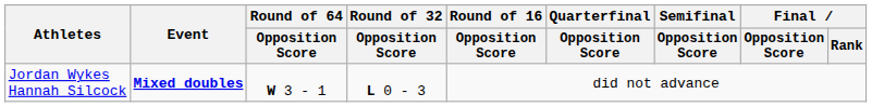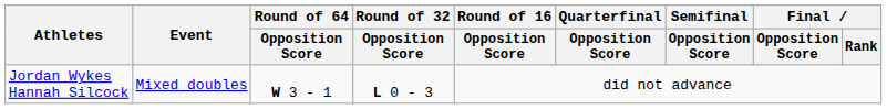 <table class=wikitable style=font-size:88%;text-align:center>
 <tr>
 <th rowspan=2>Athletes</th>
 <th rowspan=2>Event</th>
 <th>Round of 64</th>
 <th>Round of 32</th>
 <th>Round of 16</th>
 <th>Quarterfinal</th>
 <th>Semifinal</th>
 <th colspan=2>Final / </th>
 </tr>
 <tr style=font-size:95%>
 <th>Opposition<br>Score</th>
 <th>Opposition<br>Score</th>
 <th>Opposition<br>Score</th>
 <th>Opposition<br>Score</th>
 <th>Opposition<br>Score</th>
 <th>Opposition<br>Score</th>
 <th>Rank</th>
 </tr>
 <tr>
 <td align=left><a href='#'>Jordan Wykes</a><br><a href='#'>Hannah Silcock</a></td>
-<td align=left><strong><a href='#'>Mixed doubles</a></strong></td>
+<td align=left><a href='#'>Mixed doubles</a></td>
 <td><br><strong>W</strong> 3 - 1</td>
 <td><br><strong>L</strong> 0 - 3</td>
 <td colspan=5>did not advance</td>
 </tr>
 </table>
